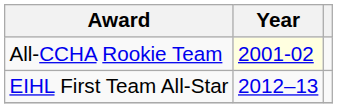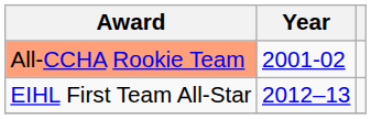 <table class="wikitable">
 <tr>
 <th>Award</th>
 <th>Year</th>
 <th></th>
 </tr>
 <tr>
-<td>All-<a href='#'>CCHA</a> <a href='#'>Rookie Team</a></td>
-<td style="background: lightyellow;"><a href='#'>2001-02</a></td>
+<td style="background: lightsalmon;">All-<a href='#'>CCHA</a> <a href='#'>Rookie Team</a></td>
+<td><a href='#'>2001-02</a></td>
 <td></td>
 </tr>
 <tr>
 <td><a href='#'>EIHL</a> First Team All-Star</td>
 <td><a href='#'>2012–13</a></td>
 <td></td>
 </tr>
 <tr>
 </tr>
 </table>
